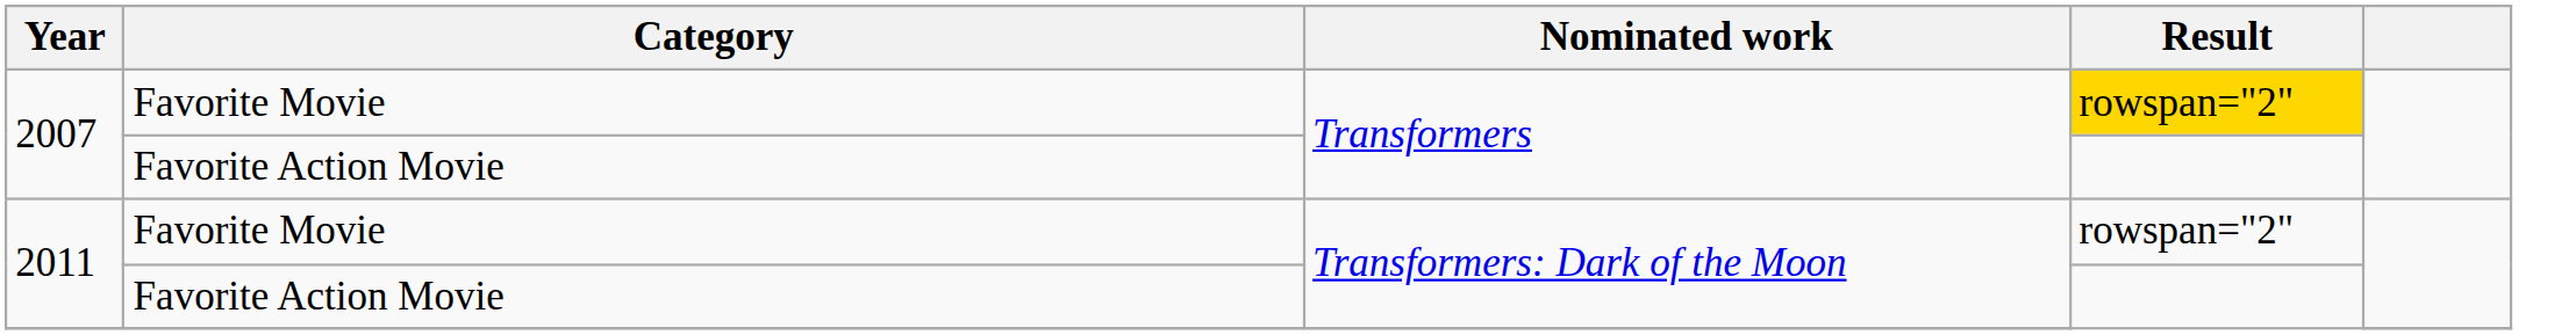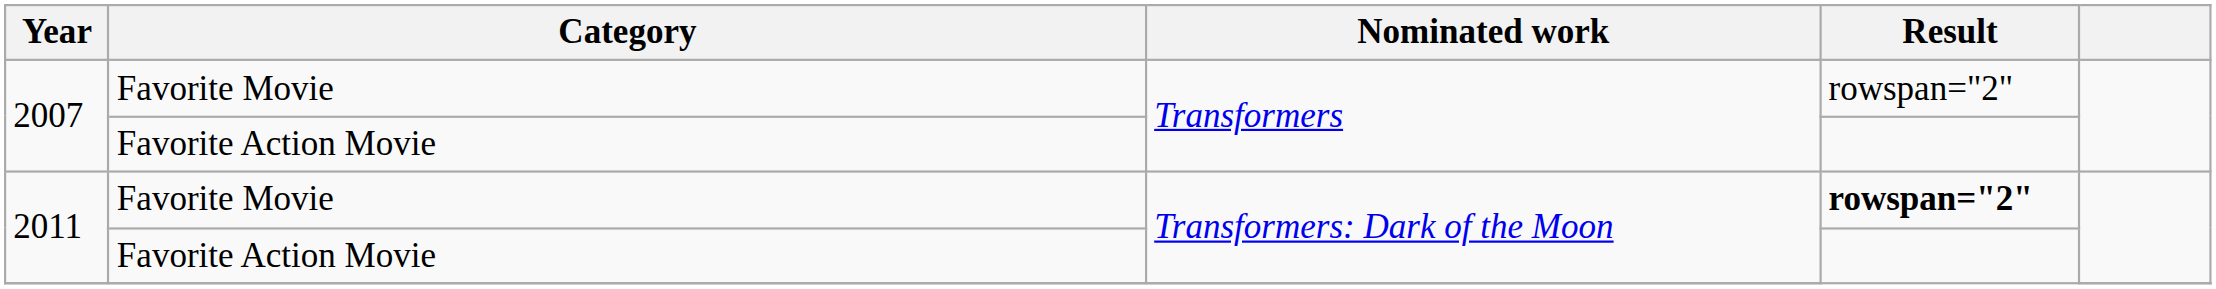 <table class=wikitable>
 <tr>
 <th width=4%>Year</th>
 <th width=40%>Category</th>
 <th width=26%>Nominated work</th>
 <th width=10%>Result</th>
 <th width=5%></th>
 </tr>
 <tr>
 <td rowspan="2">2007</td>
 <td>Favorite Movie</td>
 <td rowspan="2"><em><a href='#'>Transformers</a></em></td>
-<td style="background: gold;">rowspan="2" </td>
+<td>rowspan="2" </td>
 <td rowspan="2"></td>
 </tr>
 <tr>
 <td>Favorite Action Movie</td>
 </tr>
 <tr>
 <td rowspan="2">2011</td>
 <td>Favorite Movie</td>
 <td rowspan="2"><em><a href='#'>Transformers: Dark of the Moon</a></em></td>
-<td>rowspan="2" </td>
+<td><strong>rowspan="2" </strong></td>
 <td rowspan="2"></td>
 </tr>
 <tr>
 <td>Favorite Action Movie</td>
 </tr>
 <tr>
 </tr>
 </table>
